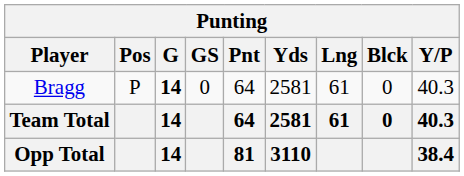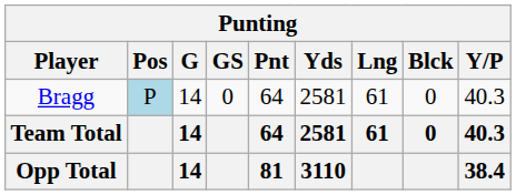 <table class="wikitable" style="text-align:center">
 <tr>
 <th colspan="9">Punting</th>
 </tr>
 <tr>
 <th>Player</th>
 <th>Pos</th>
 <th>G</th>
 <th>GS</th>
 <th>Pnt</th>
 <th>Yds</th>
 <th>Lng</th>
 <th>Blck</th>
 <th>Y/P</th>
 </tr>
 <tr>
 <td><a href='#'>Bragg</a></td>
-<td>P</td>
-<td><strong>14</strong></td>
+<td style="background: lightblue;">P</td>
+<td>14</td>
 <td>0</td>
 <td>64</td>
 <td>2581</td>
 <td>61</td>
 <td>0</td>
 <td>40.3</td>
 </tr>
 <tr>
 <th>Team Total</th>
 <th></th>
 <th>14</th>
 <th></th>
 <th>64</th>
 <th>2581</th>
 <th>61</th>
 <th>0</th>
 <th>40.3</th>
 </tr>
 <tr>
 <th>Opp Total</th>
 <th></th>
 <th>14</th>
 <th></th>
 <th>81</th>
 <th>3110</th>
 <th></th>
 <th></th>
 <th>38.4</th>
 </tr>
 </table>
